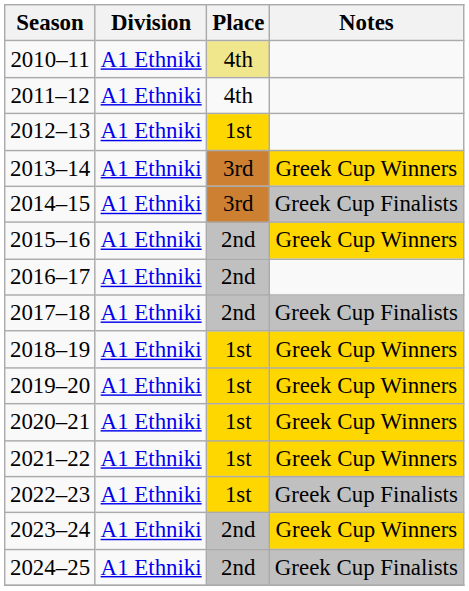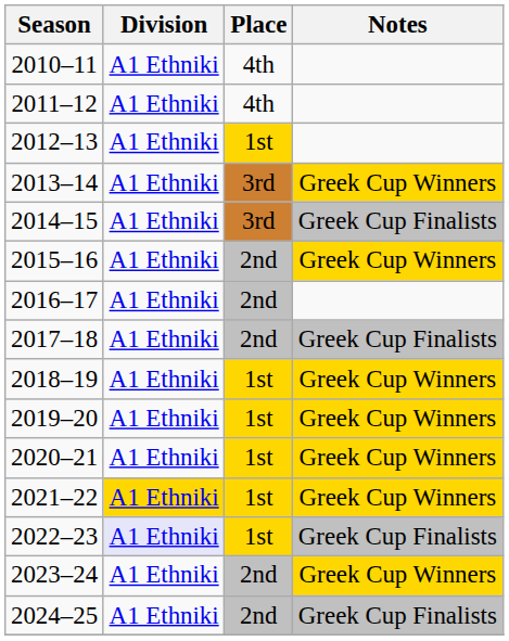 <table class="wikitable" style="text-align:center">
 <tr>
 <th>Season</th>
 <th>Division</th>
 <th>Place</th>
 <th>Notes</th>
 </tr>
 <tr>
 <td>2010–11</td>
 <td><a href='#'>A1 Ethniki</a></td>
-<td style="background: khaki;">4th</td>
+<td>4th</td>
 <td></td>
 </tr>
 <tr>
 <td>2011–12</td>
 <td><a href='#'>A1 Ethniki</a></td>
 <td>4th</td>
 <td></td>
 </tr>
 <tr>
 <td>2012–13</td>
 <td><a href='#'>A1 Ethniki</a></td>
 <td bgcolor="gold">1st</td>
 <td></td>
 </tr>
 <tr>
 <td>2013–14</td>
 <td><a href='#'>A1 Ethniki</a></td>
 <td bgcolor="CD7F32">3rd</td>
 <td bgcolor="gold">Greek Cup Winners</td>
 </tr>
 <tr>
 <td>2014–15</td>
 <td><a href='#'>A1 Ethniki</a></td>
 <td bgcolor="CD7F32">3rd</td>
 <td bgcolor="silver">Greek Cup Finalists</td>
 </tr>
 <tr>
 <td>2015–16</td>
 <td><a href='#'>A1 Ethniki</a></td>
 <td bgcolor="silver">2nd</td>
 <td bgcolor="gold">Greek Cup Winners</td>
 </tr>
 <tr>
 <td>2016–17</td>
 <td><a href='#'>A1 Ethniki</a></td>
 <td bgcolor="silver">2nd</td>
 <td></td>
 </tr>
 <tr>
 <td>2017–18</td>
 <td><a href='#'>A1 Ethniki</a></td>
 <td bgcolor="silver">2nd</td>
 <td bgcolor="silver">Greek Cup Finalists</td>
 </tr>
 <tr>
 <td>2018–19</td>
 <td><a href='#'>A1 Ethniki</a></td>
 <td bgcolor="gold">1st</td>
 <td bgcolor="gold">Greek Cup Winners</td>
 </tr>
 <tr>
 <td>2019–20</td>
 <td><a href='#'>A1 Ethniki</a></td>
 <td bgcolor="gold">1st</td>
 <td bgcolor="gold">Greek Cup Winners</td>
 </tr>
 <tr>
 <td>2020–21</td>
 <td><a href='#'>A1 Ethniki</a></td>
 <td bgcolor="gold">1st</td>
 <td bgcolor="gold">Greek Cup Winners</td>
 </tr>
 <tr>
 <td>2021–22</td>
-<td><a href='#'>A1 Ethniki</a></td>
+<td style="background: gold;"><a href='#'>A1 Ethniki</a></td>
 <td bgcolor="gold">1st</td>
 <td bgcolor="gold">Greek Cup Winners</td>
 </tr>
 <tr>
 <td>2022–23</td>
-<td><a href='#'>A1 Ethniki</a></td>
+<td style="background: lavender;"><a href='#'>A1 Ethniki</a></td>
 <td bgcolor="gold">1st</td>
 <td bgcolor="silver">Greek Cup Finalists</td>
 </tr>
 <tr>
 <td>2023–24</td>
 <td><a href='#'>A1 Ethniki</a></td>
 <td bgcolor="silver">2nd</td>
 <td bgcolor="gold">Greek Cup Winners</td>
 </tr>
 <tr>
 <td>2024–25</td>
 <td><a href='#'>A1 Ethniki</a></td>
 <td bgcolor="silver">2nd</td>
 <td bgcolor="silver">Greek Cup Finalists</td>
 </tr>
 <tr>
 </tr>
 </table>
